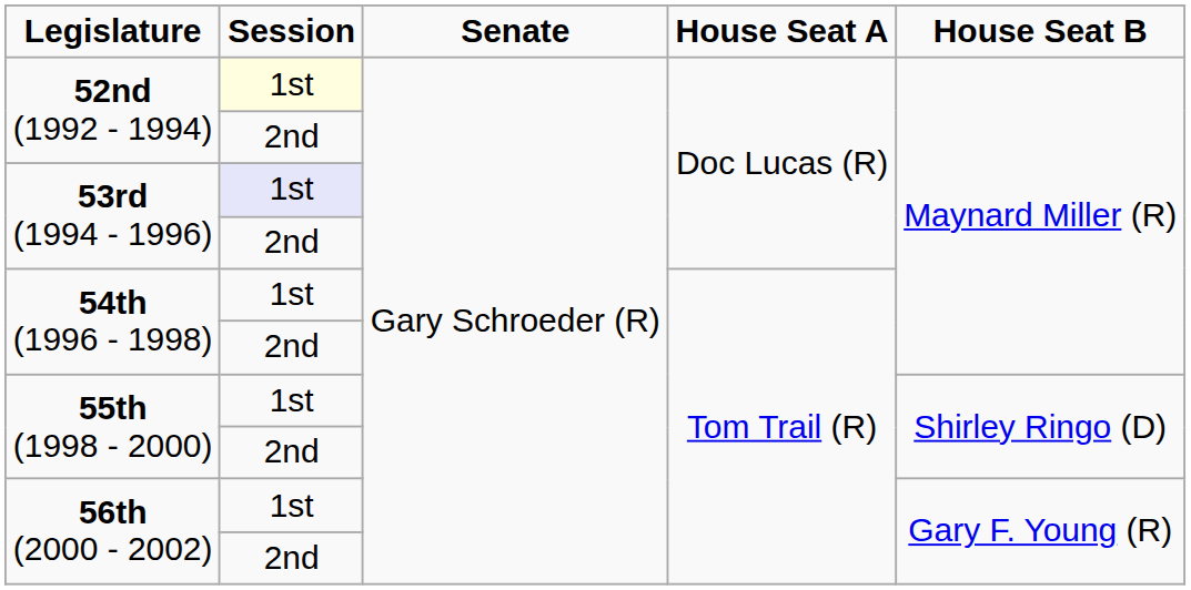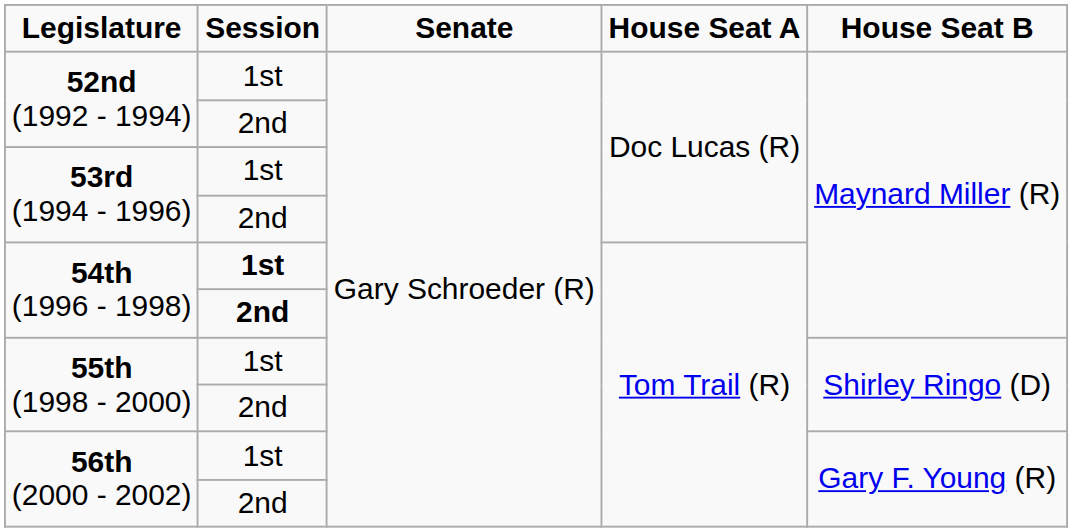 <table class=wikitable style="text-align:center">
 <tr>
 <td><strong>Legislature</strong></td>
 <td><strong>Session</strong></td>
 <td><strong>Senate</strong></td>
 <td><strong>House Seat A</strong></td>
 <td><strong>House Seat B</strong></td>
 </tr>
 <tr>
 <td rowspan="2" colspan="1" style="text-align: center;"><strong>52nd</strong> <br> (1992 - 1994)</td>
-<td style="background: lightyellow;">1st</td>
+<td>1st</td>
 <td rowspan="10" colspan="1" style="text-align: center;" >Gary Schroeder (R)</td>
 <td rowspan="4" colspan="1" style="text-align: center;" >Doc Lucas (R)</td>
 <td rowspan="6" colspan="1" style="text-align: center;" ><a href='#'>Maynard Miller</a> (R)</td>
 </tr>
 <tr>
 <td>2nd</td>
 </tr>
 <tr>
 <td rowspan="2" colspan="1" style="text-align: center;"><strong>53rd</strong> <br> (1994 - 1996)</td>
-<td style="background: lavender;">1st</td>
+<td>1st</td>
 </tr>
 <tr>
 <td>2nd</td>
 </tr>
 <tr>
 <td rowspan="2" colspan="1" style="text-align: center;"><strong>54th</strong> <br> (1996 - 1998)</td>
-<td>1st</td>
+<td><strong>1st</strong></td>
 <td rowspan="6" colspan="1" style="text-align: center;" ><a href='#'>Tom Trail</a> (R)</td>
 </tr>
 <tr>
-<td>2nd</td>
+<td><strong>2nd</strong></td>
 </tr>
 <tr>
 <td rowspan="2" colspan="1" style="text-align: center;"><strong>55th</strong> <br> (1998 - 2000)</td>
 <td>1st</td>
 <td rowspan="2" colspan="1" style="text-align: center;" ><a href='#'>Shirley Ringo</a> (D)</td>
 </tr>
 <tr>
 <td>2nd</td>
 </tr>
 <tr>
 <td rowspan="2" colspan="1" style="text-align: center;"><strong>56th</strong> <br> (2000 - 2002)</td>
 <td>1st</td>
 <td rowspan="2" colspan="1" style="text-align: center;" ><a href='#'>Gary F. Young</a> (R)</td>
 </tr>
 <tr>
 <td>2nd</td>
 </tr>
 </table>
